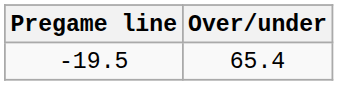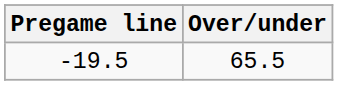 <table class="wikitable" style="margin-left: auto; margin-right: auto; border: none; display: inline-table;">
 <tr align="center">
 <th style=>Pregame line</th>
 <th style=>Over/under</th>
 </tr>
 <tr align="center">
 <td>-19.5</td>
-<td>65.4</td>
+<td>65.5</td>
 </tr>
 </table>
